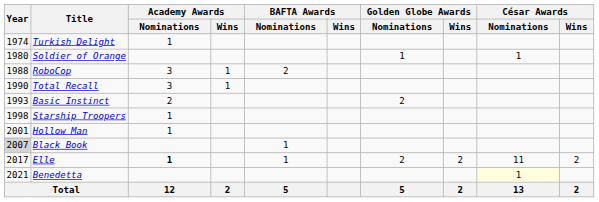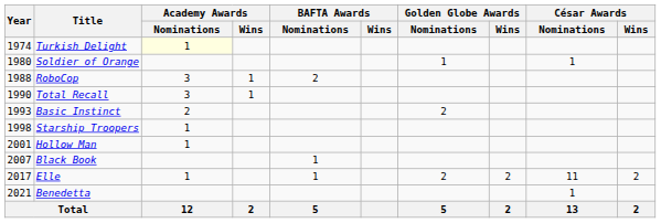 <table class="wikitable">
 <tr>
 <th rowspan="2">Year</th>
 <th rowspan="2">Title</th>
 <th colspan="2" style="text-align:center;" width="160">Academy Awards</th>
 <th colspan="2" style="text-align:center;" width="160">BAFTA Awards</th>
 <th colspan="2" style="text-align:center;" width="160">Golden Globe Awards</th>
 <th colspan="2" style="text-align:center;" width="160">César Awards</th>
 </tr>
 <tr>
 <th>Nominations</th>
 <th>Wins</th>
 <th>Nominations</th>
 <th>Wins</th>
 <th>Nominations</th>
 <th>Wins</th>
 <th>Nominations</th>
 <th>Wins</th>
 </tr>
 <tr>
 <td>1974</td>
 <td><em><a href='#'>Turkish Delight</a></em></td>
-<td align="center">1</td>
+<td align="center" style="background: lightyellow;">1</td>
 <td></td>
 <td></td>
 <td></td>
 <td></td>
 <td></td>
 <td></td>
 <td></td>
 </tr>
 <tr>
 <td>1980</td>
 <td><em><a href='#'>Soldier of Orange</a></em></td>
 <td></td>
 <td></td>
 <td></td>
 <td></td>
 <td align="center">1</td>
 <td></td>
 <td align="center">1</td>
 <td></td>
 </tr>
 <tr>
 <td>1988</td>
 <td><em><a href='#'>RoboCop</a></em></td>
 <td align="center">3</td>
 <td align="center">1</td>
 <td align="center">2</td>
 <td></td>
 <td></td>
 <td></td>
 <td></td>
 <td></td>
 </tr>
 <tr>
 <td>1990</td>
 <td><em><a href='#'>Total Recall</a></em></td>
 <td align="center">3</td>
 <td align="center">1</td>
 <td></td>
 <td></td>
 <td></td>
 <td></td>
 <td></td>
 <td></td>
 </tr>
 <tr>
 <td>1993</td>
 <td><em><a href='#'>Basic Instinct</a></em></td>
 <td align="center">2</td>
 <td></td>
 <td></td>
 <td></td>
 <td align="center">2</td>
 <td></td>
 <td></td>
 <td></td>
 </tr>
 <tr>
 <td>1998</td>
 <td><em><a href='#'>Starship Troopers</a></em></td>
 <td align="center">1</td>
 <td></td>
 <td></td>
 <td></td>
 <td></td>
 <td></td>
 <td></td>
 <td></td>
 </tr>
 <tr>
 <td>2001</td>
 <td><em><a href='#'>Hollow Man</a></em></td>
 <td align="center">1</td>
 <td></td>
 <td></td>
 <td></td>
 <td></td>
 <td></td>
 <td></td>
 <td></td>
 </tr>
 <tr>
-<td style="background: lightgrey;">2007</td>
+<td>2007</td>
 <td><em><a href='#'>Black Book</a></em></td>
 <td></td>
 <td></td>
 <td align="center">1</td>
 <td></td>
 <td></td>
 <td></td>
 <td></td>
 <td></td>
 </tr>
 <tr>
 <td>2017</td>
 <td><em><a href='#'>Elle</a></em></td>
-<td align="center"><strong>1</strong></td>
+<td align="center">1</td>
 <td></td>
 <td align="center">1</td>
 <td></td>
 <td align="center">2</td>
 <td align="center">2</td>
 <td align="center">11</td>
 <td align="center">2</td>
 </tr>
 <tr>
 <td>2021</td>
 <td><em><a href='#'>Benedetta</a></em></td>
 <td></td>
 <td></td>
 <td></td>
 <td></td>
 <td></td>
 <td></td>
-<td align="center" style="background: lightyellow;">1</td>
+<td align="center">1</td>
 <td></td>
 </tr>
 <tr>
 <th colspan="2"><strong>Total</strong></th>
 <th align="center">12</th>
 <th align="center">2</th>
 <th align="center">5</th>
 <th align="center"></th>
 <th align="center">5</th>
 <th align="center">2</th>
 <th align="center">13</th>
 <th align="center">2</th>
 </tr>
 </table>
